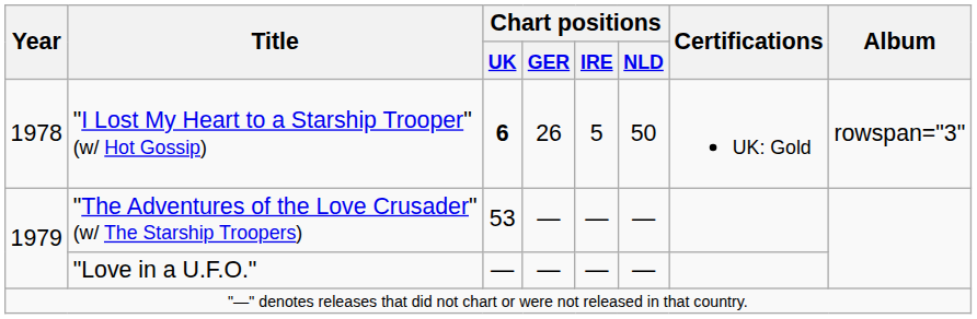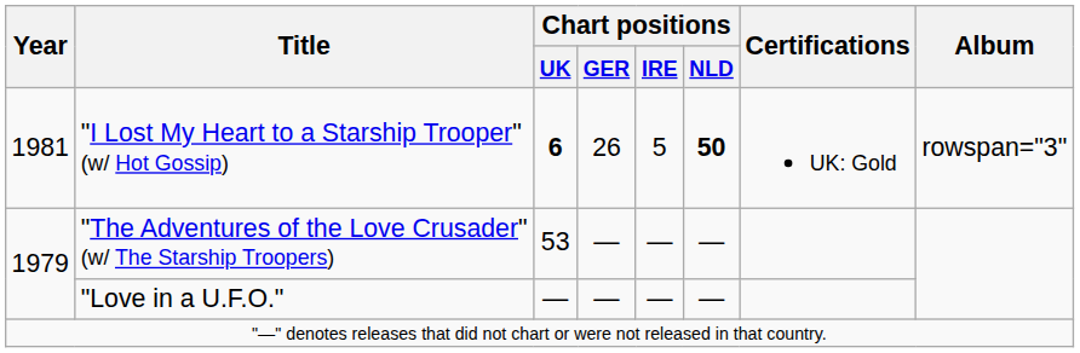 <table class="wikitable">
 <tr>
 <th rowspan="2">Year</th>
 <th rowspan="2">Title</th>
 <th colspan="4">Chart positions</th>
 <th rowspan="2">Certifications</th>
 <th rowspan="2">Album</th>
 </tr>
 <tr>
 <th width="20"><small><a href='#'>UK</a></small><br></th>
 <th width="20"><small><a href='#'>GER</a></small><br></th>
 <th width="20"><small><a href='#'>IRE</a></small><br></th>
 <th width="20"><small><a href='#'>NLD</a></small><br></th>
 </tr>
 <tr>
-<td>1978</td>
+<td>1981</td>
 <td>"<a href='#'>I Lost My Heart to a Starship Trooper</a>"<br><small>(w/ <a href='#'>Hot Gossip</a>)</small></td>
 <td align="center"><strong>6</strong></td>
 <td align="center">26</td>
 <td align="center">5</td>
-<td align="center">50</td>
+<td align="center"><strong>50</strong></td>
 <td align=left><br><ul><li><small>UK: Gold</small></li></ul></td>
 <td>rowspan="3" </td>
 </tr>
 <tr>
 <td rowspan="2">1979</td>
 <td>"<a href='#'>The Adventures of the Love Crusader</a>"<br><small>(w/ <a href='#'>The Starship Troopers</a>)</small></td>
 <td align="center">53</td>
 <td align="center">—</td>
 <td align="center">—</td>
 <td align="center">—</td>
 <td align=left></td>
 </tr>
 <tr>
 <td>"Love in a U.F.O."</td>
 <td align="center">—</td>
 <td align="center">—</td>
 <td align="center">—</td>
 <td align="center">—</td>
 <td align=left></td>
 </tr>
 <tr>
 <td colspan="8" style="text-align:center; font-size:8pt;">"—" denotes releases that did not chart or were not released in that country.</td>
 </tr>
 </table>
